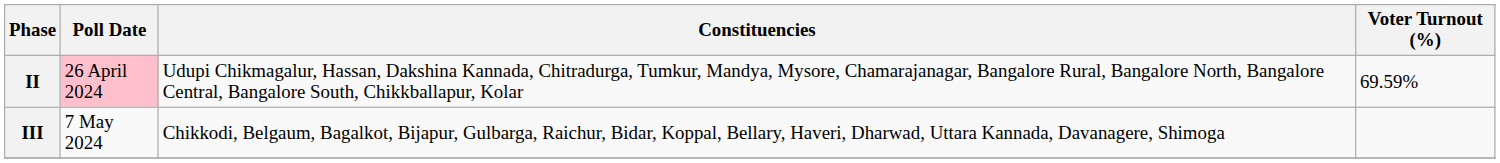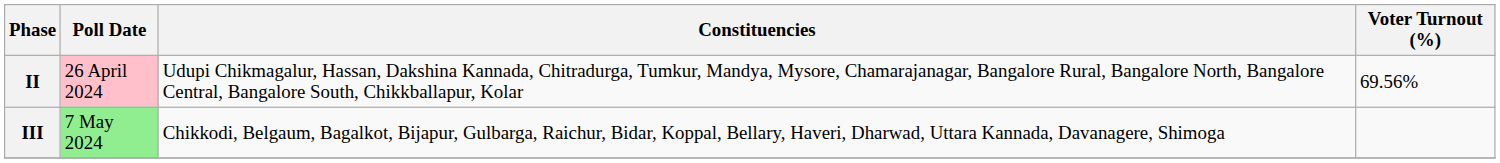 <table class="wikitable" style="margin:auto;;">
 <tr>
 <th>Phase</th>
 <th>Poll Date</th>
 <th>Constituencies</th>
 <th>Voter Turnout (%)</th>
 </tr>
 <tr>
 <th>II</th>
 <td style="background: pink;">26 April 2024</td>
 <td>Udupi Chikmagalur, Hassan, Dakshina Kannada, Chitradurga, Tumkur, Mandya, Mysore, Chamarajanagar, Bangalore Rural, Bangalore North, Bangalore Central, Bangalore South, Chikkballapur, Kolar</td>
-<td>69.59%</td>
+<td>69.56%</td>
 </tr>
 <tr>
 <th>III</th>
-<td>7 May 2024</td>
+<td style="background: lightgreen;">7 May 2024</td>
 <td>Chikkodi, Belgaum, Bagalkot, Bijapur, Gulbarga, Raichur, Bidar, Koppal, Bellary, Haveri, Dharwad, Uttara Kannada, Davanagere, Shimoga</td>
 <td></td>
 </tr>
 <tr>
 </tr>
 </table>
